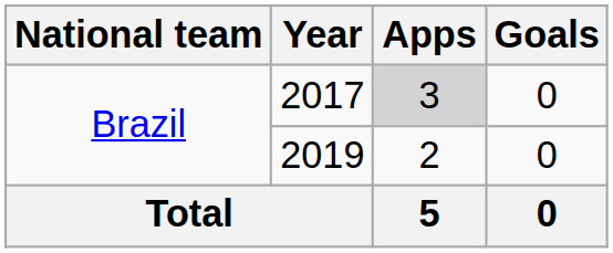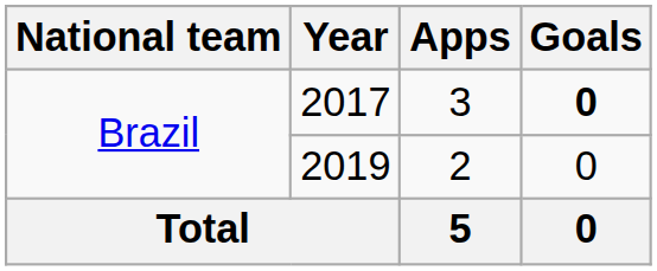 <table class="wikitable" style="text-align:center">
 <tr>
 <th>National team</th>
 <th>Year</th>
 <th>Apps</th>
 <th>Goals</th>
 </tr>
 <tr>
 <td rowspan=2><a href='#'>Brazil</a></td>
 <td>2017</td>
-<td style="background: lightgrey;">3</td>
-<td>0</td>
+<td>3</td>
+<td><strong>0</strong></td>
 </tr>
 <tr>
 <td>2019</td>
 <td>2</td>
 <td>0</td>
 </tr>
 <tr>
 <th colspan=2>Total</th>
 <th>5</th>
 <th>0</th>
 </tr>
 </table>
